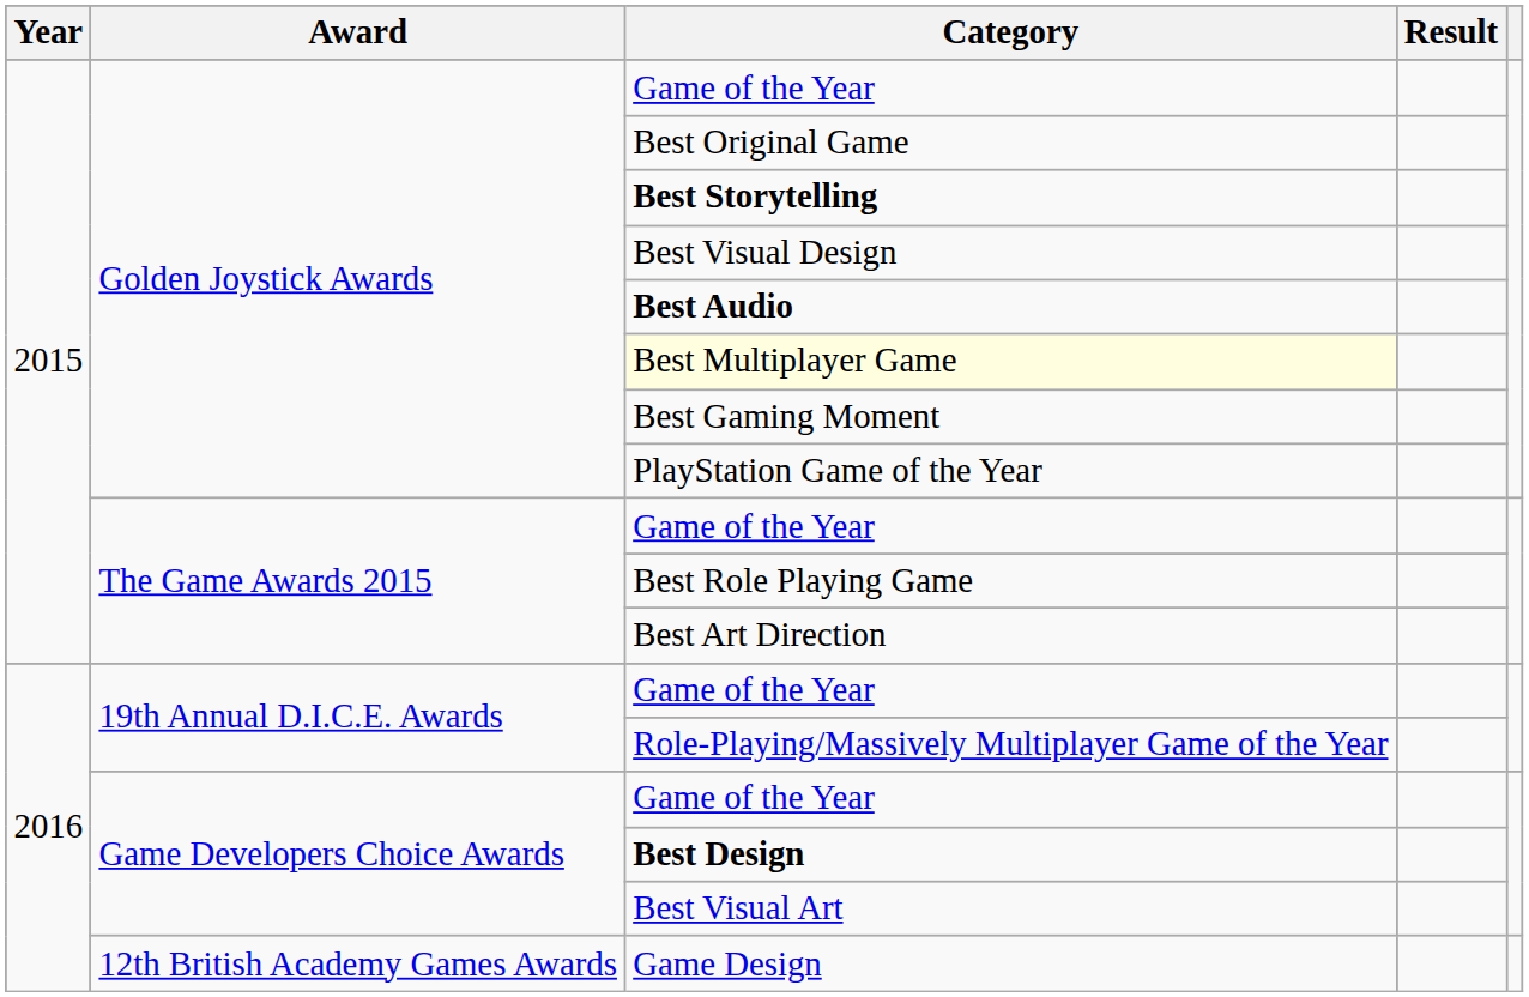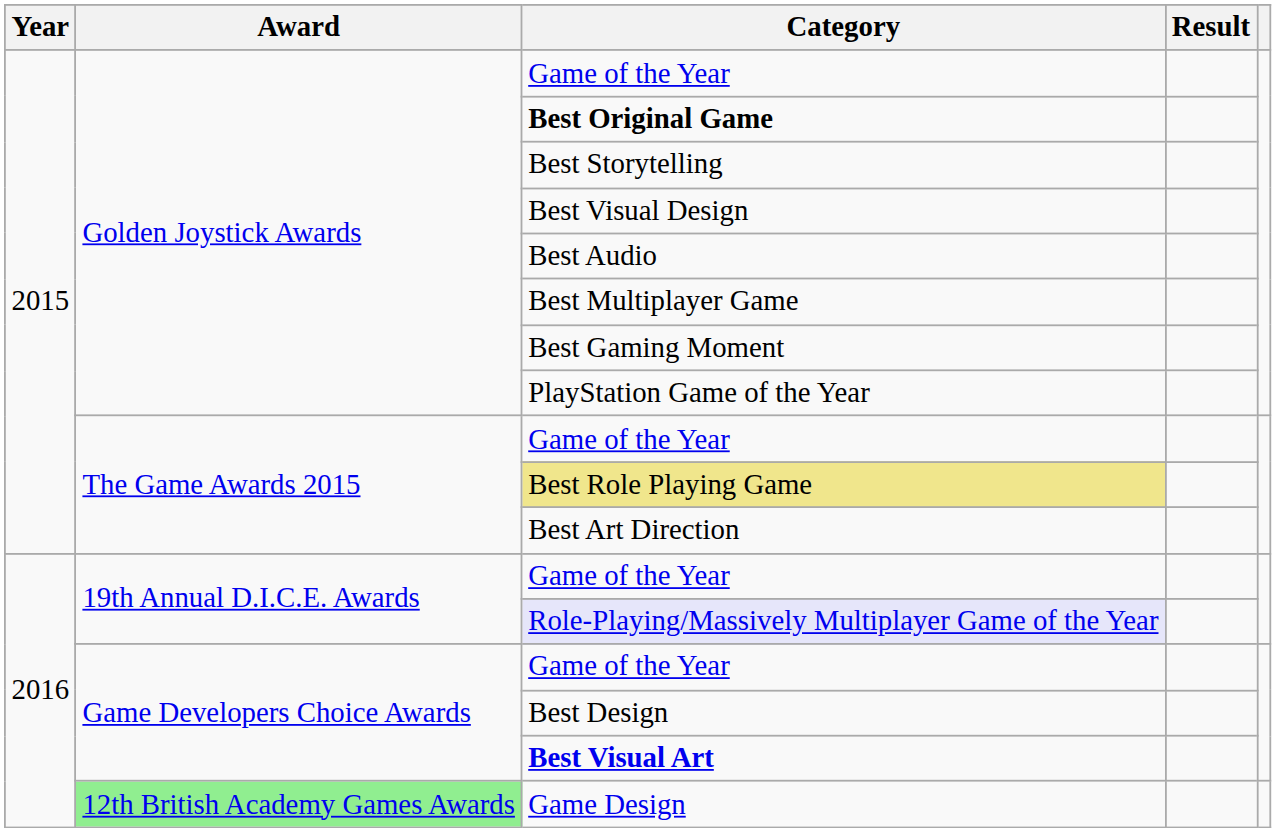 <table class="wikitable">
 <tr>
 <th>Year</th>
 <th>Award</th>
 <th>Category</th>
 <th>Result</th>
 <th></th>
 </tr>
 <tr>
 <td rowspan="11" style="text-align:center;">2015</td>
 <td rowspan="8"><a href='#'>Golden Joystick Awards</a></td>
 <td><a href='#'>Game of the Year</a></td>
 <td></td>
 <td rowspan="8" style="text-align:center;"></td>
 </tr>
 <tr>
-<td>Best Original Game</td>
+<td><strong>Best Original Game</strong></td>
 <td></td>
 </tr>
 <tr>
-<td><strong>Best Storytelling</strong></td>
+<td>Best Storytelling</td>
 <td></td>
 </tr>
 <tr>
 <td>Best Visual Design</td>
 <td></td>
 </tr>
 <tr>
-<td><strong>Best Audio</strong></td>
+<td>Best Audio</td>
 <td></td>
 </tr>
 <tr>
-<td style="background: lightyellow;">Best Multiplayer Game</td>
+<td>Best Multiplayer Game</td>
 <td></td>
 </tr>
 <tr>
 <td>Best Gaming Moment</td>
 <td></td>
 </tr>
 <tr>
 <td>PlayStation Game of the Year</td>
 <td></td>
 </tr>
 <tr>
 <td rowspan="3"><a href='#'>The Game Awards 2015</a></td>
 <td><a href='#'>Game of the Year</a></td>
 <td></td>
 <td rowspan="3" style="text-align:center;"></td>
 </tr>
 <tr>
-<td>Best Role Playing Game</td>
+<td style="background: khaki;">Best Role Playing Game</td>
 <td></td>
 </tr>
 <tr>
 <td>Best Art Direction</td>
 <td></td>
 </tr>
 <tr>
 <td rowspan="6" style="text-align:center;">2016</td>
 <td rowspan="2"><a href='#'>19th Annual D.I.C.E. Awards</a></td>
 <td><a href='#'>Game of the Year</a></td>
 <td></td>
 <td rowspan="2" style="text-align:center;"></td>
 </tr>
 <tr>
-<td><a href='#'>Role-Playing/Massively Multiplayer Game of the Year</a></td>
+<td style="background: lavender;"><a href='#'>Role-Playing/Massively Multiplayer Game of the Year</a></td>
 <td></td>
 </tr>
 <tr>
 <td rowspan="3"><a href='#'>Game Developers Choice Awards</a></td>
 <td><a href='#'>Game of the Year</a></td>
 <td></td>
 <td rowspan="3" style="text-align:center;"></td>
 </tr>
 <tr>
-<td><strong>Best Design</strong></td>
+<td>Best Design</td>
 <td></td>
 </tr>
 <tr>
-<td><a href='#'>Best Visual Art</a></td>
+<td><strong><a href='#'>Best Visual Art</a></strong></td>
 <td></td>
 </tr>
 <tr>
-<td rowspan="1"><a href='#'>12th British Academy Games Awards</a></td>
+<td rowspan="1" style="background: lightgreen;"><a href='#'>12th British Academy Games Awards</a></td>
 <td><a href='#'>Game Design</a></td>
 <td></td>
 <td style="text-align:center;"></td>
 </tr>
 </table>
